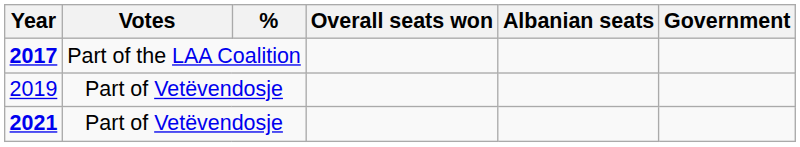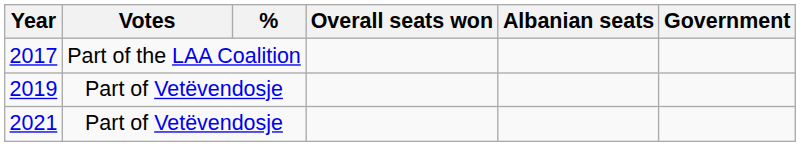 <table class=wikitable style=text-align:center>
 <tr>
 <th>Year</th>
 <th>Votes</th>
 <th>%</th>
 <th>Overall seats won<br></th>
 <th>Albanian seats<br></th>
 <th>Government</th>
 </tr>
 <tr>
-<td><strong><a href='#'>2017</a></strong></td>
+<td><a href='#'>2017</a></td>
 <td colspan="2">Part of the <a href='#'>LAA Coalition</a></td>
 <td></td>
 <td></td>
 <td></td>
 </tr>
 <tr>
 <td><a href='#'>2019</a></td>
 <td colspan="2">Part of <a href='#'>Vetëvendosje</a></td>
 <td></td>
 <td></td>
 <td></td>
 </tr>
 <tr>
-<td><strong><a href='#'>2021</a></strong></td>
+<td><a href='#'>2021</a></td>
 <td colspan="2">Part of <a href='#'>Vetëvendosje</a></td>
 <td></td>
 <td></td>
 <td></td>
 </tr>
 </table>
